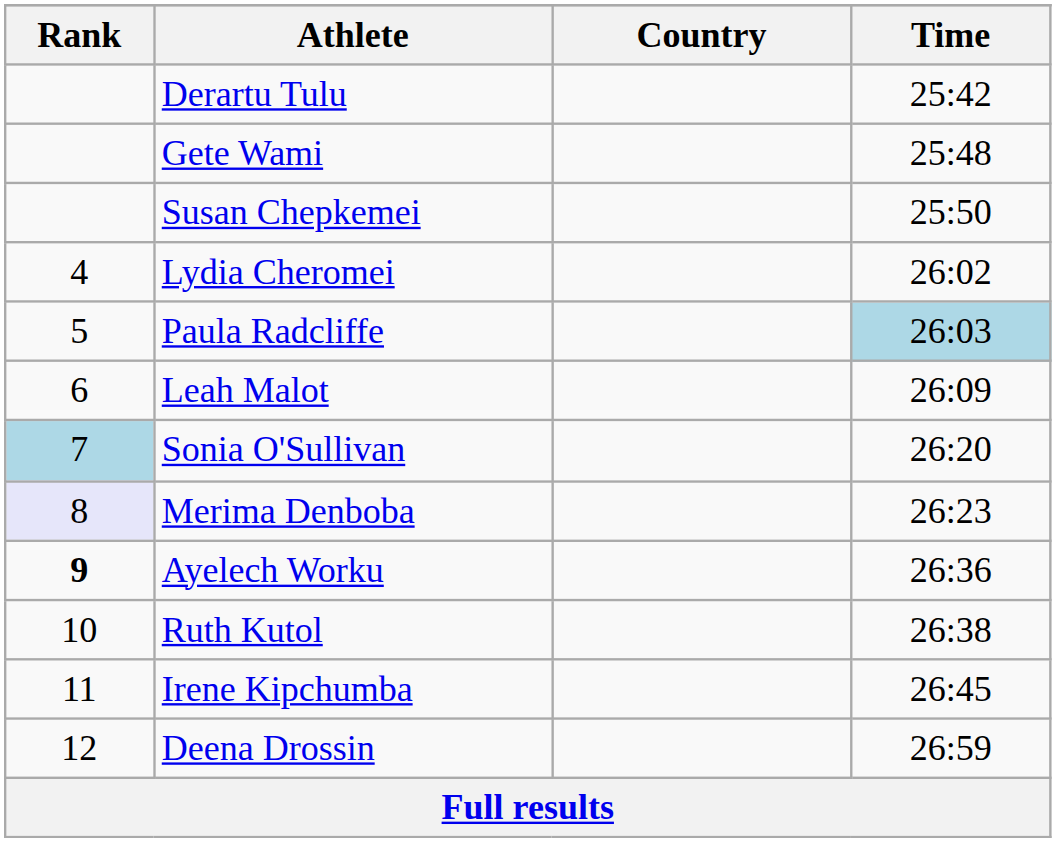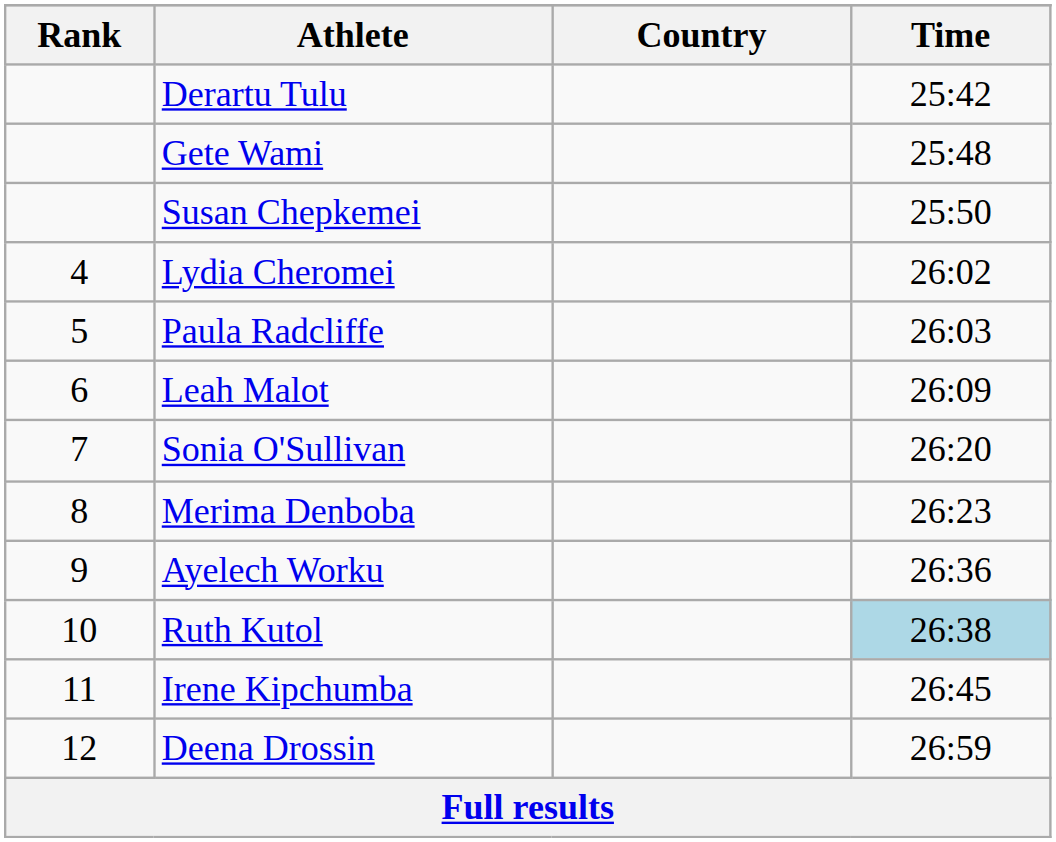 <table class="wikitable sortable" style=" text-align:center; font-size:95%;" width="50%">
 <tr>
 </tr>
 <tr>
 <th width=5%>Rank</th>
 <th width=20%>Athlete</th>
 <th width=15%>Country</th>
 <th width=10%>Time</th>
 </tr>
 <tr>
 <td align=center></td>
 <td align=left><a href='#'>Derartu Tulu</a></td>
 <td align=left></td>
 <td>25:42</td>
 </tr>
 <tr>
 <td align=center></td>
 <td align=left><a href='#'>Gete Wami</a></td>
 <td align=left></td>
 <td>25:48</td>
 </tr>
 <tr>
 <td align=center></td>
 <td align=left><a href='#'>Susan Chepkemei</a></td>
 <td align=left></td>
 <td>25:50</td>
 </tr>
 <tr>
 <td align=center>4</td>
 <td align=left><a href='#'>Lydia Cheromei</a></td>
 <td align=left></td>
 <td>26:02</td>
 </tr>
 <tr>
 <td align=center>5</td>
 <td align=left><a href='#'>Paula Radcliffe</a></td>
 <td align=left></td>
-<td style="background: lightblue;">26:03</td>
+<td>26:03</td>
 </tr>
 <tr>
 <td align=center>6</td>
 <td align=left><a href='#'>Leah Malot</a></td>
 <td align=left></td>
 <td>26:09</td>
 </tr>
 <tr>
-<td align=center style="background: lightblue;">7</td>
+<td align=center>7</td>
 <td align=left><a href='#'>Sonia O'Sullivan</a></td>
 <td align=left></td>
 <td>26:20</td>
 </tr>
 <tr>
-<td align=center style="background: lavender;">8</td>
+<td align=center>8</td>
 <td align=left><a href='#'>Merima Denboba</a></td>
 <td align=left></td>
 <td>26:23</td>
 </tr>
 <tr>
-<td align=center><strong>9</strong></td>
+<td align=center>9</td>
 <td align=left><a href='#'>Ayelech Worku</a></td>
 <td align=left></td>
 <td>26:36</td>
 </tr>
 <tr>
 <td align=center>10</td>
 <td align=left><a href='#'>Ruth Kutol</a></td>
 <td align=left></td>
-<td>26:38</td>
+<td style="background: lightblue;">26:38</td>
 </tr>
 <tr>
 <td align=center>11</td>
 <td align=left><a href='#'>Irene Kipchumba</a></td>
 <td align=left></td>
 <td>26:45</td>
 </tr>
 <tr>
 <td align=center>12</td>
 <td align=left><a href='#'>Deena Drossin</a></td>
 <td align=left></td>
 <td>26:59</td>
 </tr>
 <tr class="sortbottom">
 <th colspan=4 align=center><a href='#'>Full results</a></th>
 </tr>
 </table>
